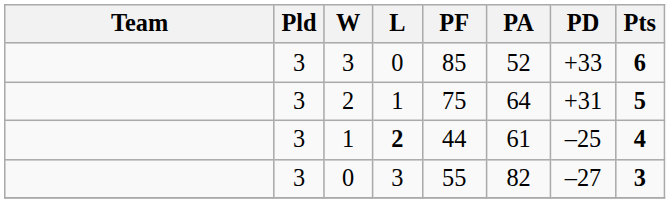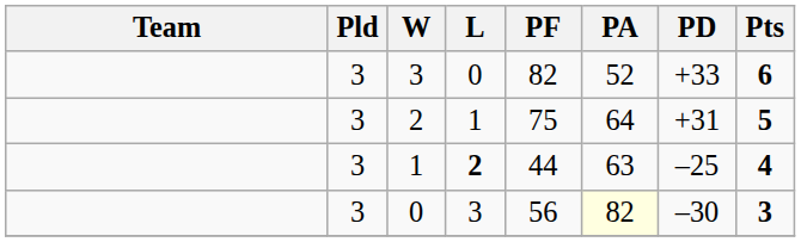 <table class=wikitable style="text-align:center">
 <tr>
 <th width=170>Team</th>
 <th width=25>Pld</th>
 <th width=25>W</th>
 <th width=25>L</th>
 <th width=35>PF</th>
 <th width=35>PA</th>
 <th width=35>PD</th>
 <th width=25>Pts</th>
 </tr>
 <tr>
 <td style="text-align:left"></td>
 <td>3</td>
 <td>3</td>
 <td>0</td>
-<td>85</td>
+<td>82</td>
 <td>52</td>
 <td>+33</td>
 <td><strong>6</strong></td>
 </tr>
 <tr>
 <td style="text-align:left"></td>
 <td>3</td>
 <td>2</td>
 <td>1</td>
 <td>75</td>
 <td>64</td>
 <td>+31</td>
 <td><strong>5</strong></td>
 </tr>
 <tr>
 <td style="text-align:left"></td>
 <td>3</td>
 <td>1</td>
 <td><strong>2</strong></td>
 <td>44</td>
-<td>61</td>
+<td>63</td>
 <td>–25</td>
 <td><strong>4</strong></td>
 </tr>
 <tr>
 <td style="text-align:left"></td>
 <td>3</td>
 <td>0</td>
 <td>3</td>
-<td>55</td>
-<td>82</td>
-<td>–27</td>
+<td>56</td>
+<td style="background: lightyellow;">82</td>
+<td>–30</td>
 <td><strong>3</strong></td>
 </tr>
 <tr>
 </tr>
 </table>
